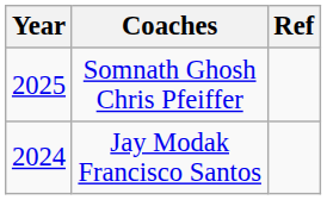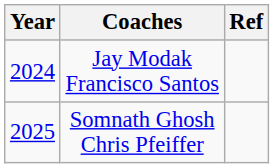 <table class="wikitable" style="text-align:center;">
 <tr>
 <th>Year</th>
 <th>Coaches</th>
 <th>Ref</th>
 </tr>
 <tr>
+<td><a href='#'>2024</a></td>
+<td> <a href='#'>Jay Modak</a><br> <a href='#'>Francisco Santos</a></td>
+<td></td>
+</tr>
+<tr>
 <td><a href='#'>2025</a></td>
 <td> <a href='#'>Somnath Ghosh</a><br> <a href='#'>Chris Pfeiffer</a></td>
 <td></td>
 </tr>
-<tr>
-<td><a href='#'>2024</a></td>
-<td> <a href='#'>Jay Modak</a><br> <a href='#'>Francisco Santos</a></td>
-<td></td>
-</tr>
 </table>
